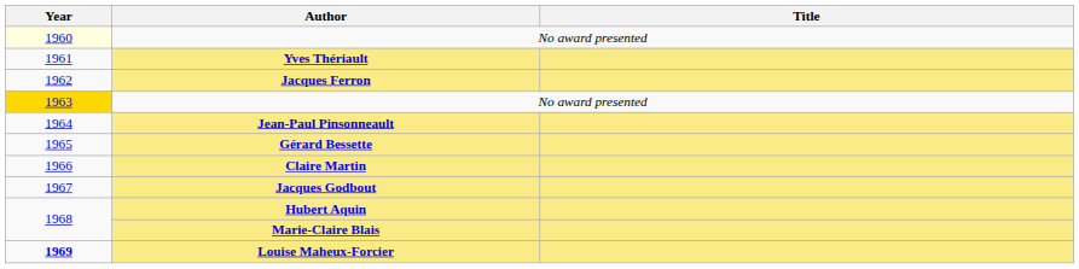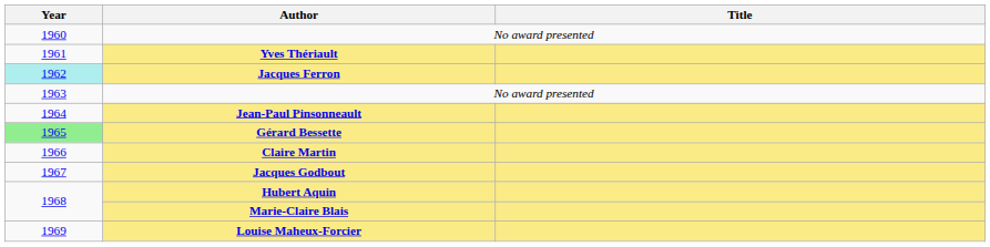 <table class="wikitable" width="100%">
 <tr>
 <th>Year</th>
 <th width="40%">Author</th>
 <th width="50%">Title</th>
 </tr>
 <tr>
-<td align="center" style="background: lightyellow;"><a href='#'>1960</a></td>
+<td align="center"><a href='#'>1960</a></td>
 <td align="center" colspan="2"><em>No award presented</em></td>
 </tr>
 <tr>
 <td align="center"><a href='#'>1961</a></td>
 <td align="center" style="background:#FAEB86"><strong><a href='#'>Yves Thériault</a></strong></td>
 <td align="center" style="background:#FAEB86"><strong><em></em></strong></td>
 </tr>
 <tr>
-<td align="center"><a href='#'>1962</a></td>
+<td align="center" style="background: paleturquoise;"><a href='#'>1962</a></td>
 <td align="center" style="background:#FAEB86"><strong><a href='#'>Jacques Ferron</a></strong></td>
 <td align="center" style="background:#FAEB86"><strong><em></em></strong></td>
 </tr>
 <tr>
-<td align="center" style="background: gold;"><a href='#'>1963</a></td>
+<td align="center"><a href='#'>1963</a></td>
 <td align="center" colspan="2"><em>No award presented</em></td>
 </tr>
 <tr>
 <td align="center"><a href='#'>1964</a></td>
 <td align="center" style="background:#FAEB86"><strong><a href='#'>Jean-Paul Pinsonneault</a></strong></td>
 <td align="center" style="background:#FAEB86"><strong><em></em></strong></td>
 </tr>
 <tr>
-<td align="center"><a href='#'>1965</a></td>
+<td align="center" style="background: lightgreen;"><a href='#'>1965</a></td>
 <td align="center" style="background:#FAEB86"><strong><a href='#'>Gérard Bessette</a></strong></td>
 <td align="center" style="background:#FAEB86"><strong><em></em></strong></td>
 </tr>
 <tr>
 <td align="center"><a href='#'>1966</a></td>
 <td align="center" style="background:#FAEB86"><strong><a href='#'>Claire Martin</a></strong></td>
 <td align="center" style="background:#FAEB86"><strong><em></em></strong></td>
 </tr>
 <tr>
 <td align="center"><a href='#'>1967</a></td>
 <td align="center" style="background:#FAEB86"><strong><a href='#'>Jacques Godbout</a></strong></td>
 <td align="center" style="background:#FAEB86"><strong><em></em></strong></td>
 </tr>
 <tr>
 <td align="center" rowspan="2"><a href='#'>1968</a></td>
 <td align="center" style="background:#FAEB86"><strong><a href='#'>Hubert Aquin</a></strong></td>
 <td align="center" style="background:#FAEB86"><strong><em></em></strong></td>
 </tr>
 <tr>
 <td align="center" style="background:#FAEB86"><strong><a href='#'>Marie-Claire Blais</a></strong></td>
 <td align="center" style="background:#FAEB86"><strong><em></em></strong></td>
 </tr>
 <tr>
-<td align="center"><strong><a href='#'>1969</a></strong></td>
+<td align="center"><a href='#'>1969</a></td>
 <td align="center" style="background:#FAEB86"><strong><a href='#'>Louise Maheux-Forcier</a></strong></td>
 <td align="center" style="background:#FAEB86"><strong><em></em></strong></td>
 </tr>
 </table>
